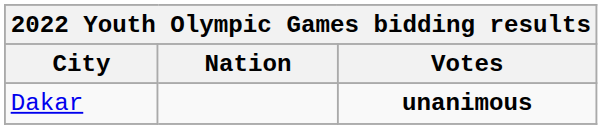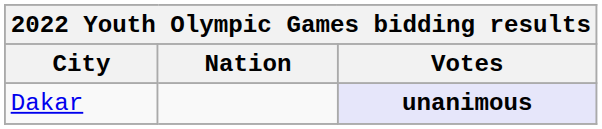 <table class="wikitable">
 <tr>
 <th colspan="7">2022 Youth Olympic Games bidding results</th>
 </tr>
 <tr>
 <th>City</th>
 <th>Nation</th>
 <th>Votes</th>
 </tr>
 <tr>
 <td><a href='#'>Dakar</a></td>
 <td></td>
-<td align=center><strong>unanimous</strong></td>
+<td align=center style="background: lavender;"><strong>unanimous</strong></td>
 </tr>
 </table>
